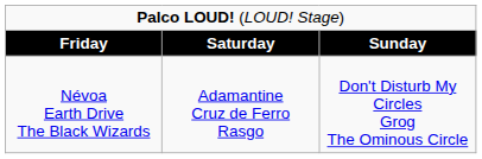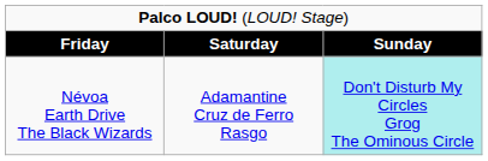 <table class="wikitable">
 <tr>
 <td colspan=3 align="center"><strong>Palco LOUD!</strong> (<em>LOUD! Stage</em>)</td>
 </tr>
 <tr>
 <th width=150px style="background:black; color:white">Friday</th>
 <th width=150px style="background:black; color:white">Saturday</th>
 <th width=150px style="background:black; color:white">Sunday</th>
 </tr>
 <tr>
 <td style="text-align: center;"><br><a href='#'>Névoa</a><br> <a href='#'>Earth Drive</a><br> <a href='#'>The Black Wizards</a></td>
 <td style="text-align: center;"><br><a href='#'>Adamantine</a><br> <a href='#'>Cruz de Ferro</a><br> <a href='#'>Rasgo</a></td>
-<td style="text-align: center;"><br><a href='#'>Don't Disturb My Circles</a><br> <a href='#'>Grog</a><br> <a href='#'>The Ominous Circle</a></td>
+<td style="background: paleturquoise; text-align: center;"><br><a href='#'>Don't Disturb My Circles</a><br> <a href='#'>Grog</a><br> <a href='#'>The Ominous Circle</a></td>
 </tr>
 </table>
